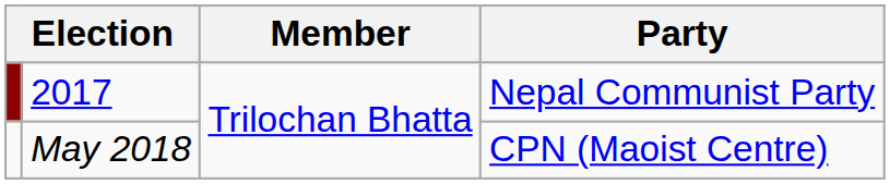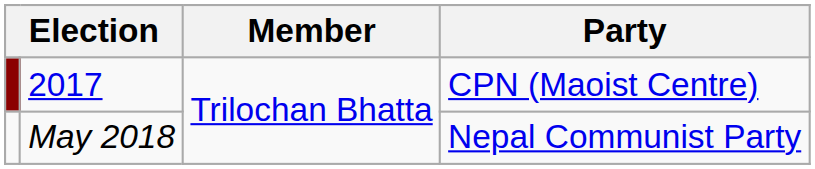 <table class="wikitable">
 <tr>
 <th colspan="2">Election</th>
 <th>Member</th>
 <th>Party</th>
 </tr>
 <tr>
 <td style="background-color:darkred"></td>
 <td><a href='#'>2017</a></td>
 <td rowspan="2"><a href='#'>Trilochan Bhatta</a></td>
-<td><a href='#'>Nepal Communist Party</a></td>
+<td><a href='#'>CPN (Maoist Centre)</a></td>
 </tr>
 <tr>
 <td style="background-color:"></td>
 <td><em>May 2018</em></td>
-<td><a href='#'>CPN (Maoist Centre)</a></td>
+<td><a href='#'>Nepal Communist Party</a></td>
 </tr>
 </table>
